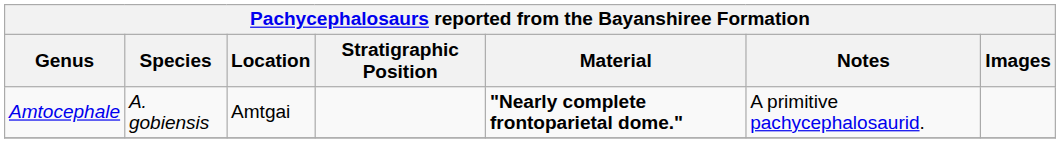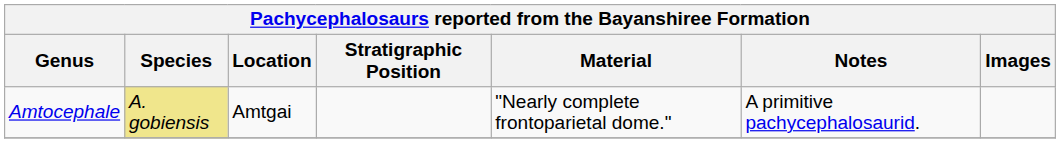 <table class="wikitable" align="center" width="100%">
 <tr>
 <th colspan="7" align="center"><strong><a href='#'>Pachycephalosaurs</a> reported from the Bayanshiree Formation</strong></th>
 </tr>
 <tr>
 <th>Genus</th>
 <th>Species</th>
 <th>Location</th>
 <th>Stratigraphic Position</th>
 <th>Material</th>
 <th>Notes</th>
 <th>Images</th>
 </tr>
 <tr>
 <td><em><a href='#'>Amtocephale</a></em></td>
-<td><em>A. gobiensis</em></td>
+<td style="background: khaki;"><em>A. gobiensis</em></td>
 <td>Amtgai</td>
 <td></td>
-<td><strong>"Nearly complete frontoparietal dome."</strong></td>
+<td>"Nearly complete frontoparietal dome."</td>
 <td>A primitive <a href='#'>pachycephalosaurid</a>.</td>
 <td></td>
 </tr>
 <tr>
 </tr>
 </table>
